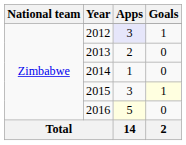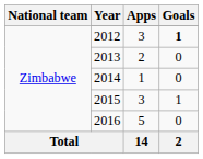 <table class="wikitable" style="text-align:center">
 <tr>
 <th>National team</th>
 <th>Year</th>
 <th>Apps</th>
 <th>Goals</th>
 </tr>
 <tr>
 <td rowspan="6"><a href='#'>Zimbabwe</a></td>
 </tr>
 <tr>
 <td>2012</td>
-<td style="background: lavender;">3</td>
-<td>1</td>
+<td>3</td>
+<td><strong>1</strong></td>
 </tr>
 <tr>
 <td>2013</td>
 <td>2</td>
 <td>0</td>
 </tr>
 <tr>
 <td>2014</td>
 <td>1</td>
 <td>0</td>
 </tr>
 <tr>
 <td>2015</td>
 <td>3</td>
-<td style="background: lightyellow;">1</td>
+<td>1</td>
 </tr>
 <tr>
 <td>2016</td>
-<td style="background: lightyellow;">5</td>
+<td>5</td>
 <td>0</td>
 </tr>
 <tr>
 <th colspan=2>Total</th>
 <th>14</th>
 <th>2</th>
 </tr>
 </table>
